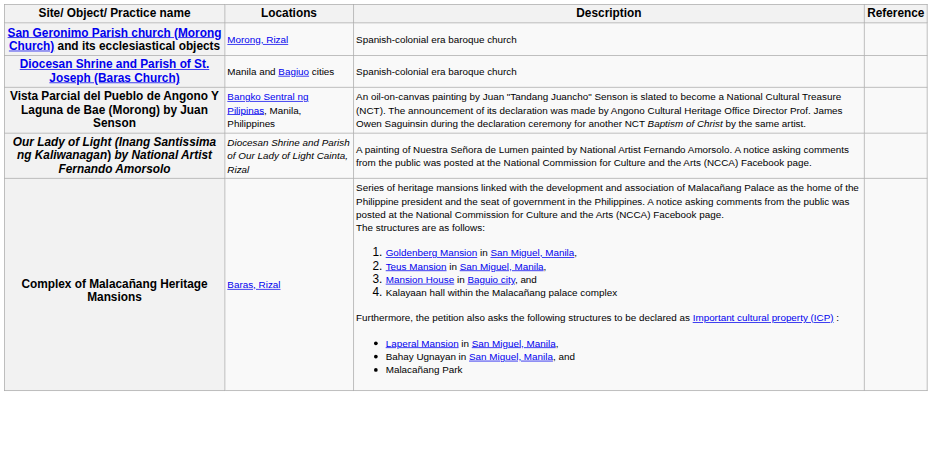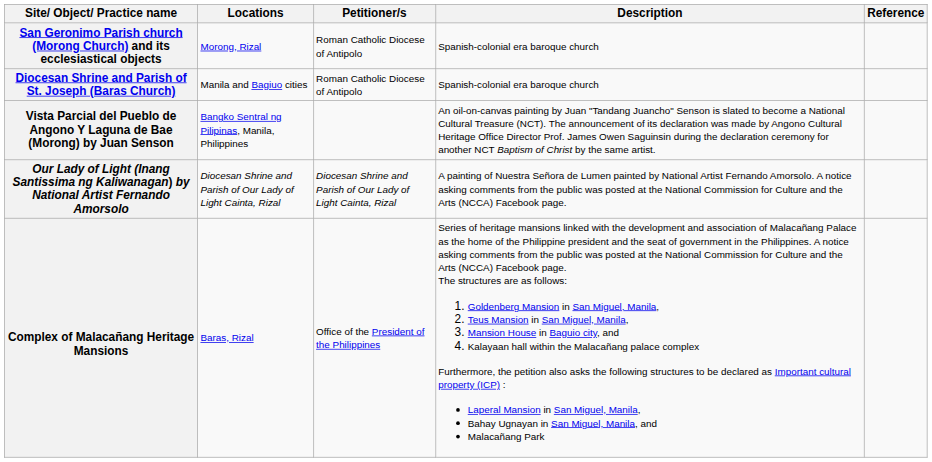 <table class="wikitable">
 <tr>
 <th>Site/ Object/ Practice name</th>
 <th>Locations</th>
+<th>Petitioner/s</th>
 <th>Description</th>
 <th>Reference</th>
 </tr>
 <tr>
 <th><a href='#'>San Geronimo Parish church (Morong Church)</a> and its ecclesiastical objects</th>
 <td><small><a href='#'>Morong, Rizal</a></small></td>
+<td><small>Roman Catholic Diocese of Antipolo</small></td>
 <td><small>Spanish-colonial era baroque church</small></td>
 <td><small></small></td>
 </tr>
 <tr>
 <th><a href='#'>Diocesan Shrine and Parish of St. Joseph (Baras Church)</a></th>
 <td><small>Manila and <a href='#'>Bagiuo</a> cities</small></td>
+<td><small>Roman Catholic Diocese of Antipolo</small></td>
 <td><small>Spanish-colonial era baroque church</small></td>
 <td><small></small></td>
 </tr>
 <tr>
 <th>Vista Parcial del Pueblo de Angono Y Laguna de Bae (Morong) by Juan Senson</th>
 <td><small><a href='#'>Bangko Sentral ng Pilipinas</a>, Manila, Philippines</small></td>
+<td></td>
 <td><small>An oil-on-canvas painting by Juan "Tandang Juancho" Senson is slated to become a National Cultural Treasure (NCT). The announcement of its declaration was made by Angono Cultural Heritage Office Director Prof. James Owen Saguinsin during the declaration ceremony for another NCT <em>Baptism of Christ</em> by the same artist.</small></td>
 <td></td>
 </tr>
 <tr>
 <th><em>Our Lady of Light (Inang Santissima ng Kaliwanagan</em>) <em>by National Artist Fernando Amorsolo</em></th>
+<td><em><small>Diocesan Shrine and Parish of Our Lady of Light Cainta, Rizal</small></em></td>
 <td><em><small>Diocesan Shrine and Parish of Our Lady of Light Cainta, Rizal</small></em></td>
 <td><small>A painting of Nuestra Señora de Lumen painted by National Artist Fernando Amorsolo. A notice asking comments from the public was posted at the National Commission for Culture and the Arts (NCCA) Facebook page.</small></td>
 <td></td>
 </tr>
 <tr>
 <th><br>Complex of Malacañang Heritage Mansions</th>
 <td><small><a href='#'>Baras, Rizal</a></small></td>
+<td><small>Office of the <a href='#'>President of the Philippines</a></small></td>
 <td><small>Series of heritage mansions linked with the development and association of Malacañang Palace as the home of the Philippine president and the seat of government in the Philippines. A notice asking comments from the public was posted at the National Commission for Culture and the Arts (NCCA) Facebook page.</small><br><small>The structures are as follows:</small><ol><li><small><a href='#'>Goldenberg Mansion</a> in <a href='#'>San Miguel, Manila</a>,</small></li><li><small><a href='#'>Teus Mansion</a> in <a href='#'>San Miguel, Manila</a>,</small></li><li><small><a href='#'>Mansion House</a> in <a href='#'>Baguio city</a>, and</small></li><li><small>Kalayaan hall within the Malacañang palace complex</small></li></ol><small>Furthermore, the petition also asks the following structures to be declared as <a href='#'>Important cultural property (ICP)</a> :</small><ul><li><small><a href='#'>Laperal Mansion</a> in <a href='#'>San Miguel, Manila</a>,</small></li><li><small>Bahay Ugnayan in <a href='#'>San Miguel, Manila</a>, and</small></li><li><small>Malacañang Park</small></li></ul></td>
 <td></td>
 </tr>
 </table>
